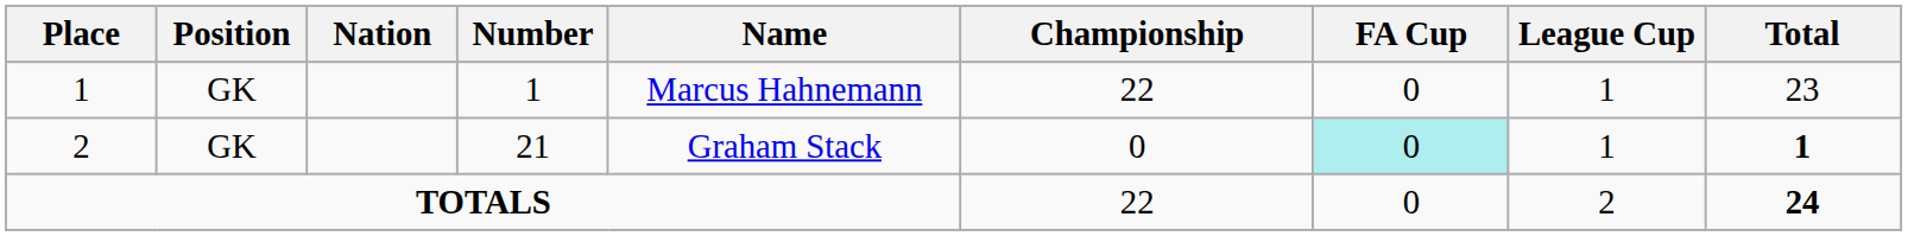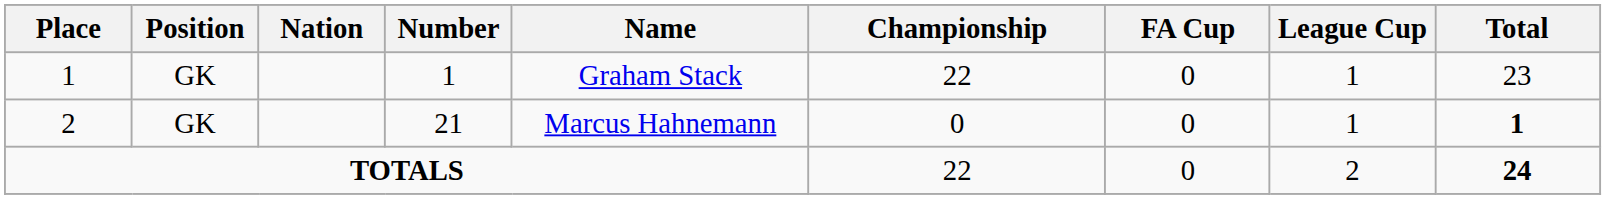 <table class="wikitable" style="font-size: 95%; text-align: center;">
 <tr>
 <th width=60>Place</th>
 <th width=60>Position</th>
 <th width=60>Nation</th>
 <th width=60>Number</th>
 <th width=150>Name</th>
 <th width=150>Championship</th>
 <th width=80>FA Cup</th>
 <th width=80>League Cup</th>
 <th width=80>Total</th>
 </tr>
 <tr>
 <td>1</td>
 <td>GK</td>
 <td></td>
 <td>1</td>
-<td><a href='#'>Marcus Hahnemann</a></td>
+<td><a href='#'>Graham Stack</a></td>
 <td>22</td>
 <td>0</td>
 <td>1</td>
 <td>23</td>
 </tr>
 <tr>
 <td>2</td>
 <td>GK</td>
 <td></td>
 <td>21</td>
-<td><a href='#'>Graham Stack</a></td>
+<td><a href='#'>Marcus Hahnemann</a></td>
 <td>0</td>
-<td style="background: paleturquoise;">0</td>
+<td>0</td>
 <td>1</td>
 <td><strong>1</strong></td>
 </tr>
 <tr>
 <td colspan="5"><strong>TOTALS</strong></td>
 <td>22</td>
 <td>0</td>
 <td>2</td>
 <td><strong>24</strong></td>
 </tr>
 </table>
